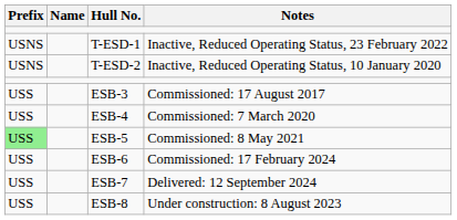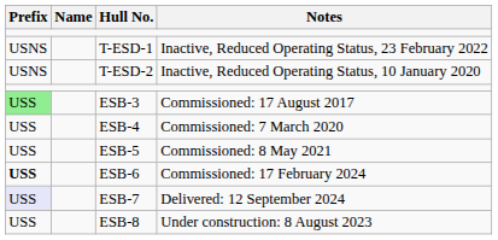 <table class="wikitable">
 <tr>
 <th>Prefix</th>
 <th>Name</th>
 <th>Hull No.</th>
 <th>Notes</th>
 </tr>
 <tr>
 <td colspan=6></td>
 </tr>
 <tr>
 <td>USNS</td>
 <td></td>
 <td>T-ESD-1</td>
 <td>Inactive, Reduced Operating Status, 23 February 2022</td>
 </tr>
 <tr>
 <td>USNS</td>
 <td></td>
 <td>T-ESD-2</td>
 <td>Inactive, Reduced Operating Status, 10 January 2020</td>
 </tr>
 <tr>
 <td colspan=6></td>
 </tr>
 <tr>
-<td>USS</td>
+<td style="background: lightgreen;">USS</td>
 <td></td>
 <td>ESB-3</td>
 <td>Commissioned: 17 August 2017</td>
 </tr>
 <tr>
 <td>USS</td>
 <td></td>
 <td>ESB-4</td>
 <td>Commissioned: 7 March 2020</td>
 </tr>
 <tr>
-<td style="background: lightgreen;">USS</td>
+<td>USS</td>
 <td></td>
 <td>ESB-5</td>
 <td>Commissioned: 8 May 2021</td>
 </tr>
 <tr>
-<td>USS</td>
+<td><strong>USS</strong></td>
 <td></td>
 <td>ESB-6</td>
 <td>Commissioned: 17 February 2024</td>
 </tr>
 <tr>
-<td>USS</td>
+<td style="background: lavender;">USS</td>
 <td></td>
 <td>ESB-7</td>
 <td>Delivered: 12 September 2024</td>
 </tr>
 <tr>
 <td>USS</td>
 <td></td>
 <td>ESB-8</td>
 <td>Under construction: 8 August 2023</td>
 </tr>
 </table>
